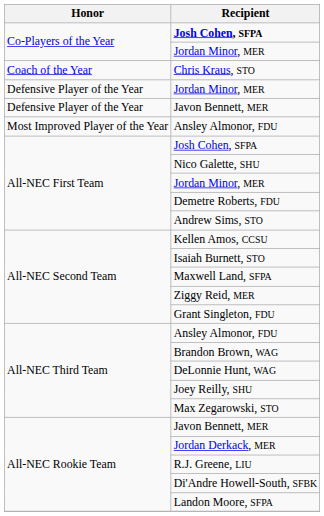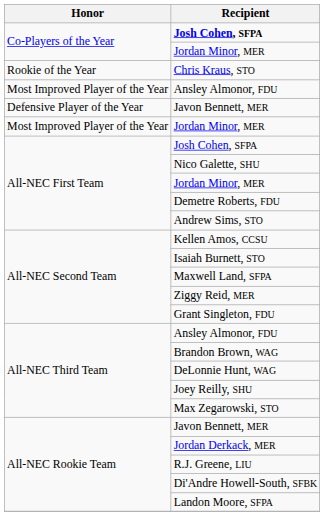 <table class="wikitable" border="1">
 <tr>
 <th>Honor</th>
 <th>Recipient</th>
 </tr>
 <tr>
 <td rowspan="2" valign="middle"><a href='#'>Co-Players of the Year</a></td>
 <td><strong><a href='#'>Josh Cohen</a>, <small>SFPA</small></strong></td>
 </tr>
 <tr>
 <td><a href='#'>Jordan Minor</a>, <small>MER</small></td>
 </tr>
 <tr>
-<td><a href='#'>Coach of the Year</a></td>
+<td>Rookie of the Year</td>
 <td><a href='#'>Chris Kraus</a>, <small>STO</small></td>
 </tr>
 <tr>
-<td>Defensive Player of the Year</td>
-<td><a href='#'>Jordan Minor</a>, <small>MER</small></td>
+<td>Most Improved Player of the Year</td>
+<td>Ansley Almonor, <small>FDU</small></td>
 </tr>
 <tr>
 <td>Defensive Player of the Year</td>
 <td>Javon Bennett, <small>MER</small></td>
 </tr>
 <tr>
 <td>Most Improved Player of the Year</td>
-<td>Ansley Almonor, <small>FDU</small></td>
+<td><a href='#'>Jordan Minor</a>, <small>MER</small></td>
 </tr>
 <tr>
 <td rowspan="5" valign="middle">All-NEC First Team</td>
 <td><a href='#'>Josh Cohen</a>, <small>SFPA</small></td>
 </tr>
 <tr>
 <td>Nico Galette, <small>SHU</small></td>
 </tr>
 <tr>
 <td><a href='#'>Jordan Minor</a>, <small>MER</small></td>
 </tr>
 <tr>
 <td>Demetre Roberts, <small>FDU</small></td>
 </tr>
 <tr>
 <td>Andrew Sims, <small>STO</small></td>
 </tr>
 <tr>
 <td rowspan="5" valign="middle">All-NEC Second Team</td>
 <td>Kellen Amos, <small>CCSU</small></td>
 </tr>
 <tr>
 <td>Isaiah Burnett, <small>STO</small></td>
 </tr>
 <tr>
 <td>Maxwell Land, <small>SFPA</small></td>
 </tr>
 <tr>
 <td>Ziggy Reid, <small>MER</small></td>
 </tr>
 <tr>
 <td>Grant Singleton, <small>FDU</small></td>
 </tr>
 <tr>
 <td rowspan="5" valign="middle">All-NEC Third Team</td>
 <td>Ansley Almonor, <small>FDU</small></td>
 </tr>
 <tr>
 <td>Brandon Brown, <small>WAG</small></td>
 </tr>
 <tr>
 <td>DeLonnie Hunt, <small>WAG</small></td>
 </tr>
 <tr>
 <td>Joey Reilly, <small>SHU</small></td>
 </tr>
 <tr>
 <td>Max Zegarowski, <small>STO</small></td>
 </tr>
 <tr>
 <td rowspan="5" valign="middle">All-NEC Rookie Team</td>
 <td>Javon Bennett, <small>MER</small></td>
 </tr>
 <tr>
 <td><a href='#'>Jordan Derkack</a>, <small>MER</small></td>
 </tr>
 <tr>
 <td>R.J. Greene, <small>LIU</small></td>
 </tr>
 <tr>
 <td>Di'Andre Howell-South, <small>SFBK</small></td>
 </tr>
 <tr>
 <td>Landon Moore, <small>SFPA</small></td>
 </tr>
 <tr>
 </tr>
 </table>
